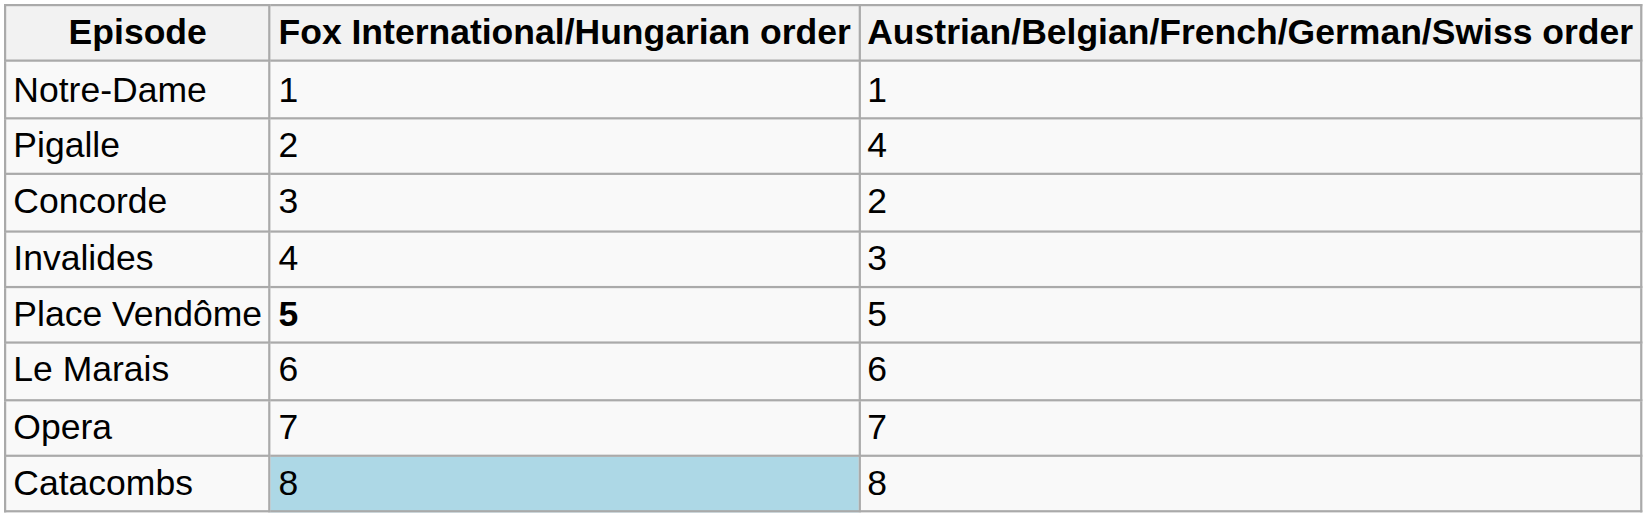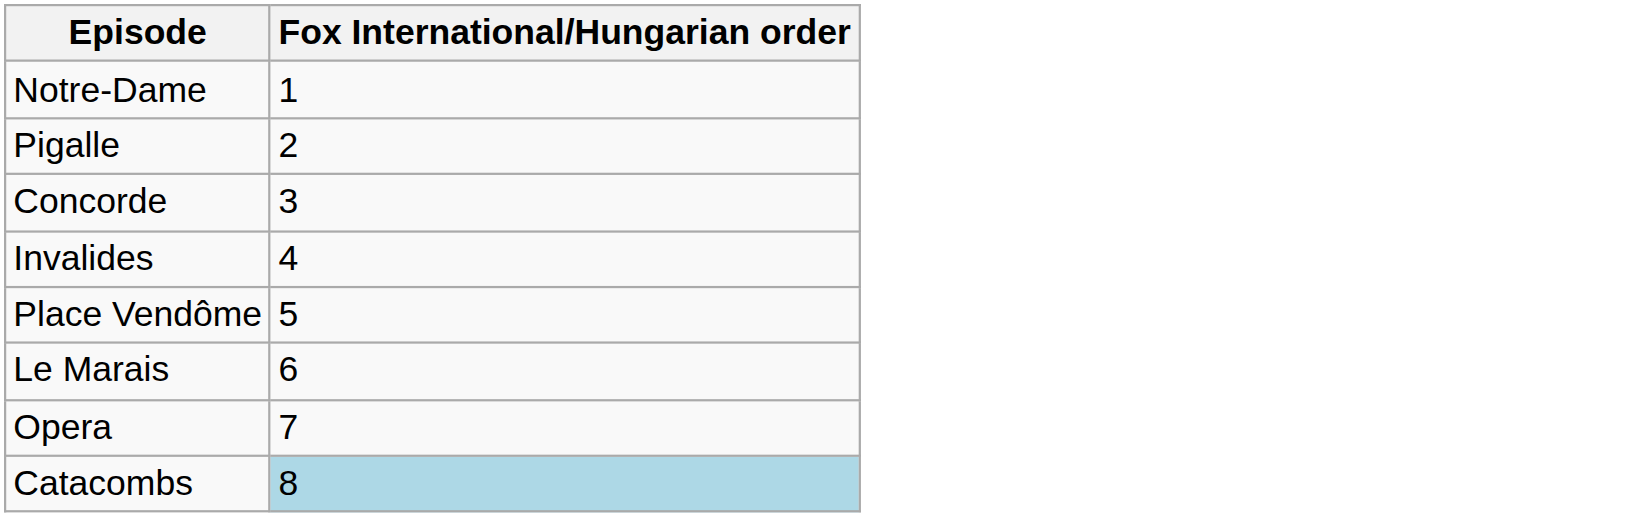 <table class="wikitable sortable" border="1">
 <tr>
 <th>Episode</th>
 <th>Fox International/Hungarian order</th>
-<th>Austrian/Belgian/French/German/Swiss order</th>
 </tr>
 <tr>
 <td>Notre-Dame</td>
-<td>1</td>
 <td>1</td>
 </tr>
 <tr>
 <td>Pigalle</td>
 <td>2</td>
-<td>4</td>
 </tr>
 <tr>
 <td>Concorde</td>
 <td>3</td>
-<td>2</td>
 </tr>
 <tr>
 <td>Invalides</td>
 <td>4</td>
-<td>3</td>
 </tr>
 <tr>
 <td>Place Vendôme</td>
-<td><strong>5</strong></td>
 <td>5</td>
 </tr>
 <tr>
 <td>Le Marais</td>
 <td>6</td>
-<td>6</td>
 </tr>
 <tr>
 <td>Opera</td>
-<td>7</td>
 <td>7</td>
 </tr>
 <tr>
 <td>Catacombs</td>
 <td style="background: lightblue;">8</td>
-<td>8</td>
 </tr>
 </table>
